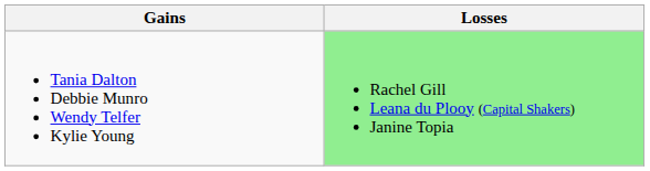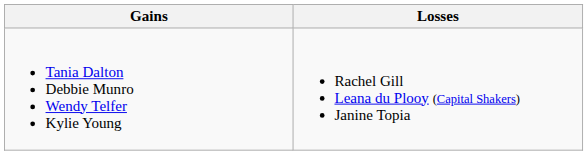 <table class=wikitable>
 <tr>
 <th width=300> Gains</th>
 <th width=300> Losses</th>
 </tr>
 <tr>
 <td><br><ul><li><a href='#'>Tania Dalton</a></li><li>Debbie Munro</li><li><a href='#'>Wendy Telfer</a></li><li>Kylie Young</li></ul></td>
-<td style="background: lightgreen;"><br><ul><li>Rachel Gill</li><li><a href='#'>Leana du Plooy</a> <small>(<a href='#'>Capital Shakers</a>)</small></li><li>Janine Topia</li></ul></td>
+<td><br><ul><li>Rachel Gill</li><li><a href='#'>Leana du Plooy</a> <small>(<a href='#'>Capital Shakers</a>)</small></li><li>Janine Topia</li></ul></td>
 </tr>
 </table>
